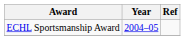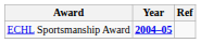 <table class="wikitable">
 <tr>
 <th>Award</th>
 <th>Year</th>
 <th>Ref</th>
 </tr>
 <tr>
 <td><a href='#'>ECHL</a> Sportsmanship Award</td>
-<td><a href='#'>2004–05</a></td>
+<td><strong><a href='#'>2004–05</a></strong></td>
 <td></td>
 </tr>
 <tr>
 </tr>
 </table>
